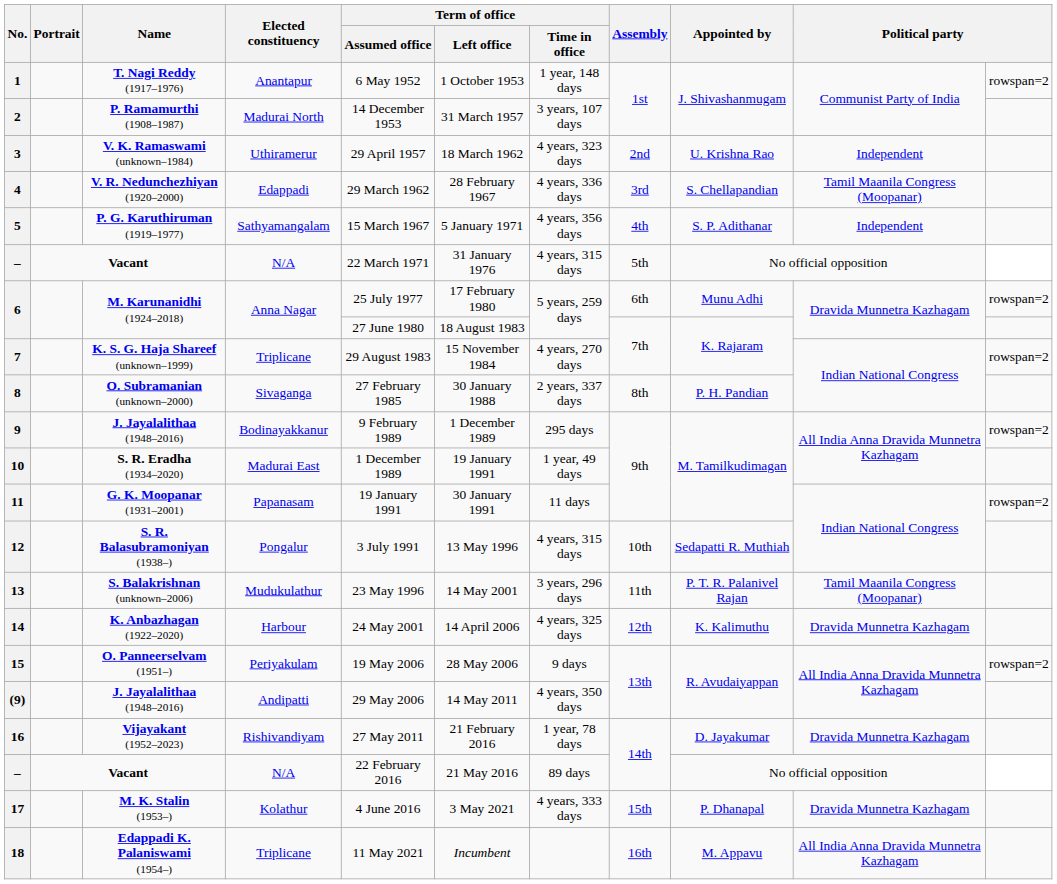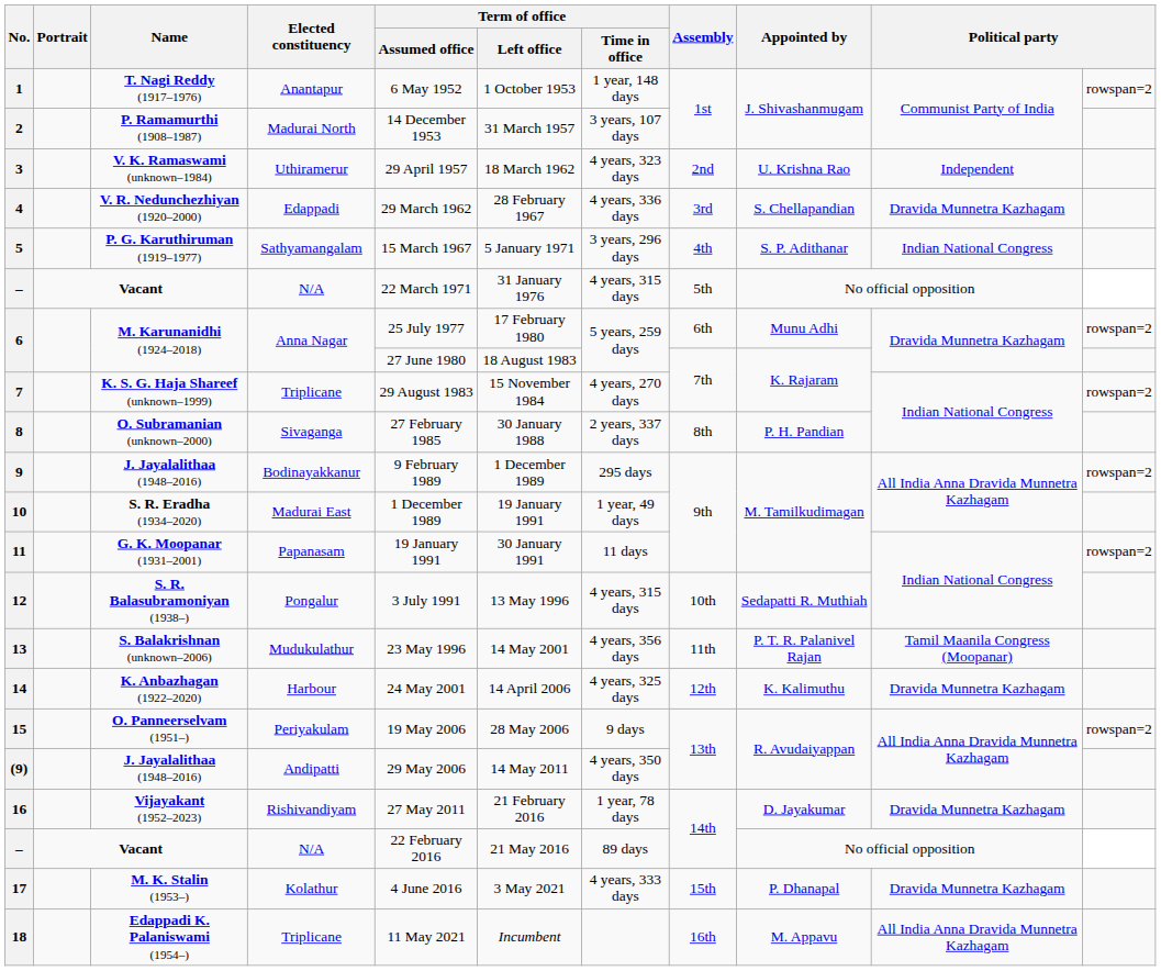 <table class="wikitable sortable" style="text-align:center;">
 <tr>
 <th rowspan=2>No.</th>
 <th rowspan=2>Portrait</th>
 <th rowspan=2>Name<br><small></small></th>
 <th rowspan=2>Elected constituency</th>
 <th colspan=3>Term of office</th>
 <th rowspan=2><a href='#'>Assembly</a><br></th>
 <th rowspan=2>Appointed by</th>
 <th rowspan=2 colspan=2>Political party</th>
 </tr>
 <tr>
 <th>Assumed office</th>
 <th>Left office</th>
 <th>Time in office</th>
 </tr>
 <tr>
 <th>1</th>
 <td></td>
 <td><strong><a href='#'>T. Nagi Reddy</a></strong><br><small>(1917–1976)</small></td>
 <td><a href='#'>Anantapur</a></td>
 <td>6 May 1952</td>
 <td>1 October 1953</td>
 <td>1 year, 148 days</td>
 <td rowspan=2><a href='#'>1st</a><br></td>
 <td rowspan=2><a href='#'>J. Shivashanmugam</a></td>
 <td rowspan=2><a href='#'>Communist Party of India</a></td>
 <td>rowspan=2 </td>
 </tr>
 <tr>
 <th>2</th>
 <td></td>
 <td><strong><a href='#'>P. Ramamurthi</a></strong><br><small>(1908–1987)</small></td>
 <td><a href='#'>Madurai North</a></td>
 <td>14 December 1953</td>
 <td>31 March 1957</td>
 <td>3 years, 107 days</td>
 </tr>
 <tr>
 <th>3</th>
 <td></td>
 <td><strong><a href='#'>V. K. Ramaswami</a></strong><br><small>(unknown–1984)</small></td>
 <td><a href='#'>Uthiramerur</a></td>
 <td>29 April 1957</td>
 <td>18 March 1962</td>
 <td>4 years, 323 days</td>
 <td><a href='#'>2nd</a><br></td>
 <td><a href='#'>U. Krishna Rao</a></td>
 <td><a href='#'>Independent</a></td>
 <td></td>
 </tr>
 <tr>
 <th>4</th>
 <td></td>
 <td><strong><a href='#'>V. R. Nedunchezhiyan</a></strong><br><small>(1920–2000)</small></td>
 <td><a href='#'>Edappadi</a></td>
 <td>29 March 1962</td>
 <td>28 February 1967</td>
 <td>4 years, 336 days</td>
 <td><a href='#'>3rd</a><br></td>
 <td><a href='#'>S. Chellapandian</a></td>
-<td><a href='#'>Tamil Maanila Congress (Moopanar)</a></td>
+<td><a href='#'>Dravida Munnetra Kazhagam</a></td>
 <td></td>
 </tr>
 <tr>
 <th>5</th>
 <td></td>
 <td><strong><a href='#'>P. G. Karuthiruman</a></strong><br><small>(1919–1977)</small></td>
 <td><a href='#'>Sathyamangalam</a></td>
 <td>15 March 1967</td>
 <td>5 January 1971</td>
-<td>4 years, 356 days</td>
+<td>3 years, 296 days</td>
 <td><a href='#'>4th</a><br></td>
 <td><a href='#'>S. P. Adithanar</a></td>
-<td><a href='#'>Independent</a></td>
+<td><a href='#'>Indian National Congress</a></td>
 <td></td>
 </tr>
 <tr>
 <th>–</th>
 <td colspan=2><strong>Vacant</strong></td>
 <td><a href='#'>N/A</a></td>
 <td>22 March 1971</td>
 <td>31 January 1976</td>
 <td>4 years, 315 days</td>
 <td>5th<br></td>
 <td colspan=2>No official opposition</td>
 <td style="background:white;"></td>
 </tr>
 <tr>
 <th rowspan=2>6</th>
 <td rowspan=2></td>
 <td rowspan=2><strong><a href='#'>M. Karunanidhi</a></strong><br><small>(1924–2018)</small></td>
 <td rowspan=2><a href='#'>Anna Nagar</a></td>
 <td>25 July 1977</td>
 <td>17 February 1980</td>
 <td rowspan=2>5 years, 259 days</td>
 <td>6th<br></td>
 <td><a href='#'>Munu Adhi</a></td>
 <td rowspan=2><a href='#'>Dravida Munnetra Kazhagam</a></td>
 <td>rowspan=2 </td>
 </tr>
 <tr>
 <td>27 June 1980</td>
 <td>18 August 1983</td>
 <td rowspan=2>7th<br></td>
 <td rowspan=2><a href='#'>K. Rajaram</a></td>
 </tr>
 <tr>
 <th>7</th>
 <td></td>
 <td><strong><a href='#'>K. S. G. Haja Shareef</a></strong><br><small>(unknown–1999)</small></td>
 <td><a href='#'>Triplicane</a></td>
 <td>29 August 1983</td>
 <td>15 November 1984</td>
 <td>4 years, 270 days</td>
 <td rowspan=2><a href='#'>Indian National Congress</a></td>
 <td>rowspan=2 </td>
 </tr>
 <tr>
 <th>8</th>
 <td></td>
 <td><strong><a href='#'>O. Subramanian</a></strong><br><small>(unknown–2000)</small></td>
 <td><a href='#'>Sivaganga</a></td>
 <td>27 February 1985</td>
 <td>30 January 1988</td>
 <td>2 years, 337 days</td>
 <td>8th<br></td>
 <td><a href='#'>P. H. Pandian</a></td>
 </tr>
 <tr>
 <th>9</th>
 <td></td>
 <td><strong><a href='#'>J. Jayalalithaa</a></strong><br><small>(1948–2016)</small></td>
 <td><a href='#'>Bodinayakkanur</a></td>
 <td>9 February 1989</td>
 <td>1 December 1989</td>
 <td>295 days</td>
 <td rowspan=3>9th<br></td>
 <td rowspan=3><a href='#'>M. Tamilkudimagan</a></td>
 <td rowspan=2><a href='#'>All India Anna Dravida Munnetra Kazhagam</a></td>
 <td>rowspan=2 </td>
 </tr>
 <tr>
 <th>10</th>
 <td></td>
 <td><strong>S. R. Eradha</strong><br><small>(1934–2020)</small></td>
 <td><a href='#'>Madurai East</a></td>
 <td>1 December 1989</td>
 <td>19 January 1991</td>
 <td>1 year, 49 days</td>
 </tr>
 <tr>
 <th>11</th>
 <td></td>
 <td><strong><a href='#'>G. K. Moopanar</a></strong><br><small>(1931–2001)</small></td>
 <td><a href='#'>Papanasam</a></td>
 <td>19 January 1991</td>
 <td>30 January 1991</td>
 <td>11 days</td>
 <td rowspan=2><a href='#'>Indian National Congress</a></td>
 <td>rowspan=2 </td>
 </tr>
 <tr>
 <th>12</th>
 <td></td>
 <td><strong><a href='#'>S. R. Balasubramoniyan</a></strong><br><small>(1938–)</small></td>
 <td><a href='#'>Pongalur</a></td>
 <td>3 July 1991</td>
 <td>13 May 1996</td>
 <td>4 years, 315 days</td>
 <td>10th<br></td>
 <td><a href='#'>Sedapatti R. Muthiah</a></td>
 </tr>
 <tr>
 <th>13</th>
 <td></td>
 <td><strong><a href='#'>S. Balakrishnan</a></strong><br><small>(unknown–2006)</small></td>
 <td><a href='#'>Mudukulathur</a></td>
 <td>23 May 1996</td>
 <td>14 May 2001</td>
-<td>3 years, 296 days</td>
+<td>4 years, 356 days</td>
 <td>11th<br></td>
 <td><a href='#'>P. T. R. Palanivel Rajan</a></td>
 <td><a href='#'>Tamil Maanila Congress (Moopanar)</a></td>
 <td></td>
 </tr>
 <tr>
 <th>14</th>
 <td></td>
 <td><strong><a href='#'>K. Anbazhagan</a></strong><br><small>(1922–2020)</small></td>
 <td><a href='#'>Harbour</a></td>
 <td>24 May 2001</td>
 <td>14 April 2006</td>
 <td>4 years, 325 days</td>
 <td><a href='#'>12th</a><br></td>
 <td><a href='#'>K. Kalimuthu</a></td>
 <td><a href='#'>Dravida Munnetra Kazhagam</a></td>
 <td></td>
 </tr>
 <tr>
 <th>15</th>
 <td></td>
 <td><strong><a href='#'>O. Panneerselvam</a></strong><br><small>(1951–)</small></td>
 <td><a href='#'>Periyakulam</a></td>
 <td>19 May 2006</td>
 <td>28 May 2006</td>
 <td>9 days</td>
 <td rowspan=2><a href='#'>13th</a><br></td>
 <td rowspan=2><a href='#'>R. Avudaiyappan</a></td>
 <td rowspan=2><a href='#'>All India Anna Dravida Munnetra Kazhagam</a></td>
 <td>rowspan=2 </td>
 </tr>
 <tr>
 <th>(9)</th>
 <td></td>
 <td><strong><a href='#'>J. Jayalalithaa</a></strong><br><small>(1948–2016)</small></td>
 <td><a href='#'>Andipatti</a></td>
 <td>29 May 2006</td>
 <td>14 May 2011</td>
 <td>4 years, 350 days</td>
 </tr>
 <tr>
 <th>16</th>
 <td></td>
 <td><strong><a href='#'>Vijayakant</a></strong><br><small>(1952–2023)</small></td>
 <td><a href='#'>Rishivandiyam</a></td>
 <td>27 May 2011</td>
 <td>21 February 2016</td>
 <td>1 year, 78 days</td>
 <td rowspan=2><a href='#'>14th</a><br></td>
 <td><a href='#'>D. Jayakumar</a></td>
 <td><a href='#'>Dravida Munnetra Kazhagam</a></td>
 <td></td>
 </tr>
 <tr>
 <th>–</th>
 <td colspan=2><strong>Vacant</strong></td>
 <td><a href='#'>N/A</a></td>
 <td>22 February 2016</td>
 <td>21 May 2016</td>
 <td>89 days</td>
 <td colspan=2>No official opposition</td>
 <td style="background:white;"></td>
 </tr>
 <tr>
 <th>17</th>
 <td></td>
 <td><strong><a href='#'>M. K. Stalin</a></strong><br><small>(1953–)</small></td>
 <td><a href='#'>Kolathur</a></td>
 <td>4 June 2016</td>
 <td>3 May 2021</td>
 <td>4 years, 333 days</td>
 <td><a href='#'>15th</a><br></td>
 <td><a href='#'>P. Dhanapal</a></td>
 <td><a href='#'>Dravida Munnetra Kazhagam</a></td>
 <td></td>
 </tr>
 <tr>
 <th>18</th>
 <td></td>
 <td><strong><a href='#'>Edappadi K. Palaniswami</a></strong><br><small>(1954–)</small></td>
 <td><a href='#'>Triplicane</a></td>
 <td>11 May 2021</td>
 <td><em>Incumbent</em></td>
 <td></td>
 <td><a href='#'>16th</a><br></td>
 <td><a href='#'>M. Appavu</a></td>
 <td><a href='#'>All India Anna Dravida Munnetra Kazhagam</a></td>
 <td></td>
 </tr>
 </table>
